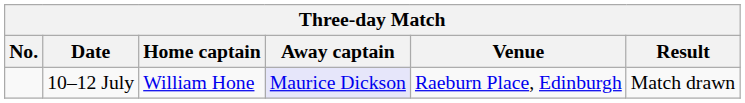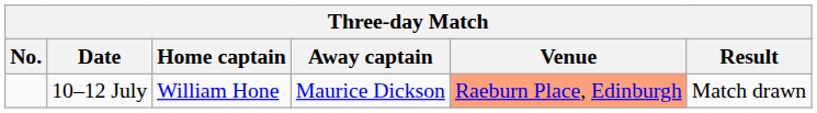 <table class="wikitable">
 <tr>
 <th colspan="9">Three-day Match</th>
 </tr>
 <tr>
 <th>No.</th>
 <th>Date</th>
 <th>Home captain</th>
 <th>Away captain</th>
 <th>Venue</th>
 <th>Result</th>
 </tr>
 <tr>
 <td></td>
 <td>10–12 July</td>
 <td><a href='#'>William Hone</a></td>
-<td style="background: lavender;"><a href='#'>Maurice Dickson</a></td>
-<td><a href='#'>Raeburn Place</a>, <a href='#'>Edinburgh</a></td>
+<td><a href='#'>Maurice Dickson</a></td>
+<td style="background: lightsalmon;"><a href='#'>Raeburn Place</a>, <a href='#'>Edinburgh</a></td>
 <td>Match drawn</td>
 </tr>
 </table>
